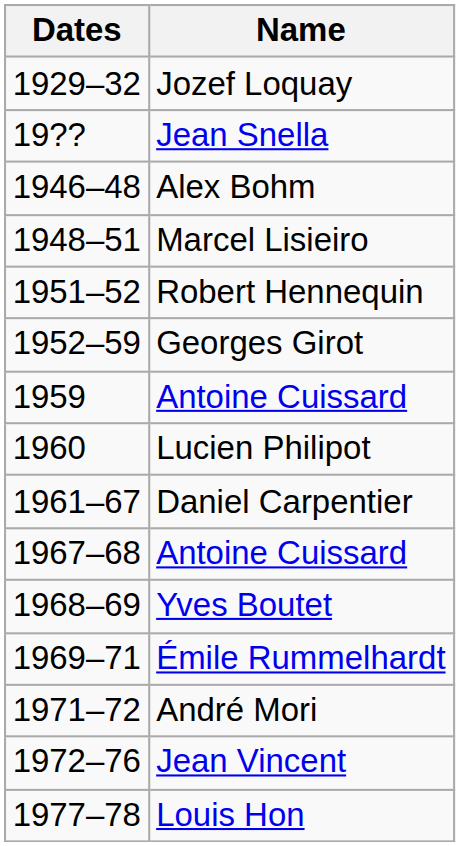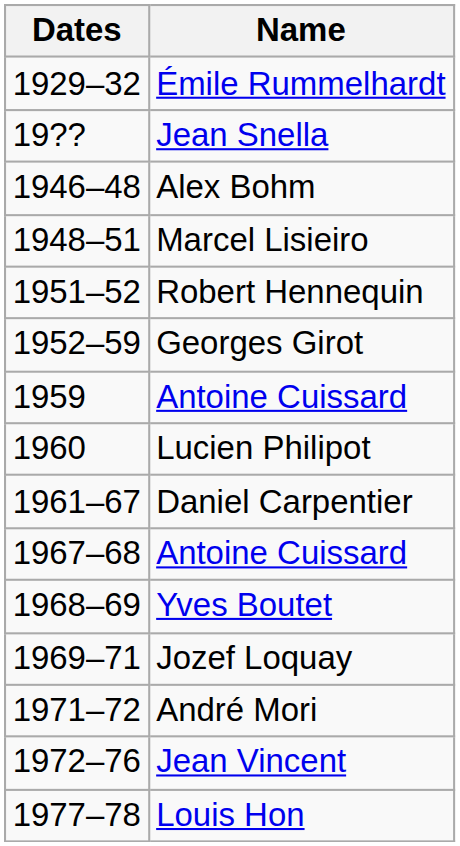 <table class="wikitable">
 <tr>
 <th>Dates</th>
 <th>Name</th>
 </tr>
 <tr>
 <td>1929–32</td>
-<td>Jozef Loquay</td>
+<td><a href='#'>Émile Rummelhardt</a></td>
 </tr>
 <tr>
 <td>19??</td>
 <td><a href='#'>Jean Snella</a></td>
 </tr>
 <tr>
 <td>1946–48</td>
 <td>Alex Bohm</td>
 </tr>
 <tr>
 <td>1948–51</td>
 <td>Marcel Lisieiro</td>
 </tr>
 <tr>
 <td>1951–52</td>
 <td>Robert Hennequin</td>
 </tr>
 <tr>
 <td>1952–59</td>
 <td>Georges Girot</td>
 </tr>
 <tr>
 <td>1959</td>
 <td><a href='#'>Antoine Cuissard</a></td>
 </tr>
 <tr>
 <td>1960</td>
 <td>Lucien Philipot</td>
 </tr>
 <tr>
 <td>1961–67</td>
 <td>Daniel Carpentier</td>
 </tr>
 <tr>
 <td>1967–68</td>
 <td><a href='#'>Antoine Cuissard</a></td>
 </tr>
 <tr>
 <td>1968–69</td>
 <td><a href='#'>Yves Boutet</a></td>
 </tr>
 <tr>
 <td>1969–71</td>
-<td><a href='#'>Émile Rummelhardt</a></td>
+<td>Jozef Loquay</td>
 </tr>
 <tr>
 <td>1971–72</td>
 <td>André Mori</td>
 </tr>
 <tr>
 <td>1972–76</td>
 <td><a href='#'>Jean Vincent</a></td>
 </tr>
 <tr>
 <td>1977–78</td>
 <td><a href='#'>Louis Hon</a></td>
 </tr>
 </table>
